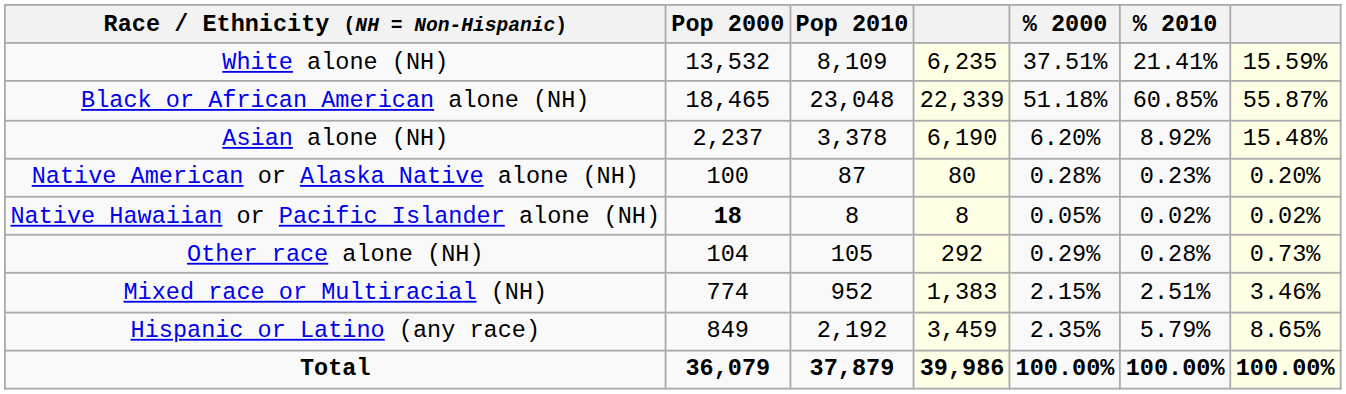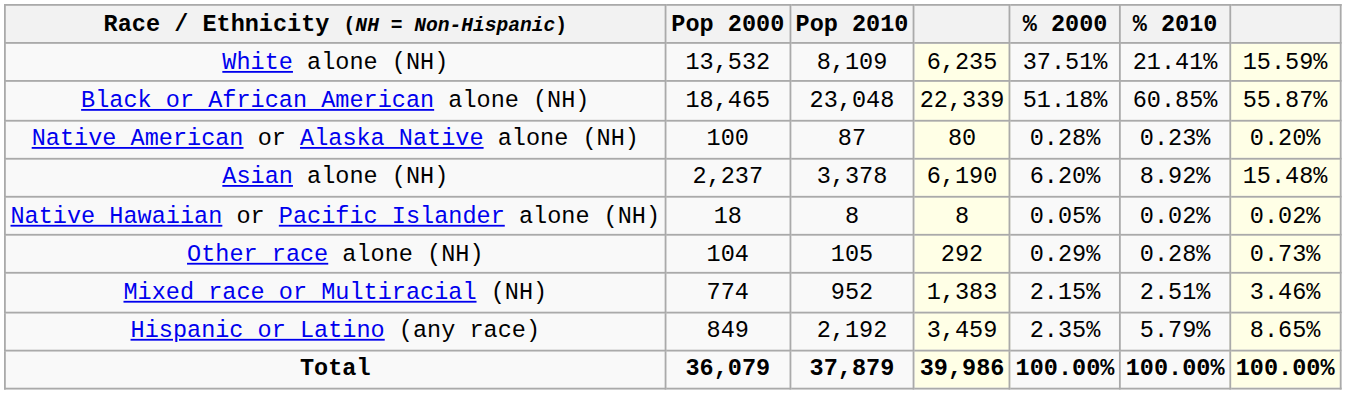 <table class="wikitable" style="text-align:center;">
 <tr>
 <th>Race / Ethnicity <small>(<em>NH = Non-Hispanic</em>)</small></th>
 <th>Pop 2000</th>
 <th>Pop 2010</th>
 <th></th>
 <th>% 2000</th>
 <th>% 2010</th>
 <th></th>
 </tr>
 <tr>
 <td><a href='#'>White</a> alone (NH)</td>
 <td>13,532</td>
 <td>8,109</td>
 <td style='background: #ffffe6;'>6,235</td>
 <td>37.51%</td>
 <td>21.41%</td>
 <td style='background: #ffffe6;'>15.59%</td>
 </tr>
 <tr>
 <td><a href='#'>Black or African American</a> alone (NH)</td>
 <td>18,465</td>
 <td>23,048</td>
 <td style='background: #ffffe6;'>22,339</td>
 <td>51.18%</td>
 <td>60.85%</td>
 <td style='background: #ffffe6;'>55.87%</td>
 </tr>
 <tr>
+<td><a href='#'>Native American</a> or <a href='#'>Alaska Native</a> alone (NH)</td>
+<td>100</td>
+<td>87</td>
+<td style='background: #ffffe6;'>80</td>
+<td>0.28%</td>
+<td>0.23%</td>
+<td style='background: #ffffe6;'>0.20%</td>
+</tr>
+<tr>
 <td><a href='#'>Asian</a> alone (NH)</td>
 <td>2,237</td>
 <td>3,378</td>
 <td style='background: #ffffe6;'>6,190</td>
 <td>6.20%</td>
 <td>8.92%</td>
 <td style='background: #ffffe6;'>15.48%</td>
 </tr>
 <tr>
-<td><a href='#'>Native American</a> or <a href='#'>Alaska Native</a> alone (NH)</td>
-<td>100</td>
-<td>87</td>
-<td style='background: #ffffe6;'>80</td>
-<td>0.28%</td>
-<td>0.23%</td>
-<td style='background: #ffffe6;'>0.20%</td>
-</tr>
-<tr>
 <td><a href='#'>Native Hawaiian</a> or <a href='#'>Pacific Islander</a> alone (NH)</td>
-<td><strong>18</strong></td>
+<td>18</td>
 <td>8</td>
 <td style='background: #ffffe6;'>8</td>
 <td>0.05%</td>
 <td>0.02%</td>
 <td style='background: #ffffe6;'>0.02%</td>
 </tr>
 <tr>
 <td><a href='#'>Other race</a> alone (NH)</td>
 <td>104</td>
 <td>105</td>
 <td style='background: #ffffe6;'>292</td>
 <td>0.29%</td>
 <td>0.28%</td>
 <td style='background: #ffffe6;'>0.73%</td>
 </tr>
 <tr>
 <td><a href='#'>Mixed race or Multiracial</a> (NH)</td>
 <td>774</td>
 <td>952</td>
 <td style='background: #ffffe6;'>1,383</td>
 <td>2.15%</td>
 <td>2.51%</td>
 <td style='background: #ffffe6;'>3.46%</td>
 </tr>
 <tr>
 <td><a href='#'>Hispanic or Latino</a> (any race)</td>
 <td>849</td>
 <td>2,192</td>
 <td style='background: #ffffe6;'>3,459</td>
 <td>2.35%</td>
 <td>5.79%</td>
 <td style='background: #ffffe6;'>8.65%</td>
 </tr>
 <tr>
 <td><strong>Total</strong></td>
 <td><strong>36,079</strong></td>
 <td><strong>37,879</strong></td>
 <td style='background: #ffffe6;'><strong>39,986</strong></td>
 <td><strong>100.00%</strong></td>
 <td><strong>100.00%</strong></td>
 <td style='background: #ffffe6;'><strong>100.00%</strong></td>
 </tr>
 </table>
